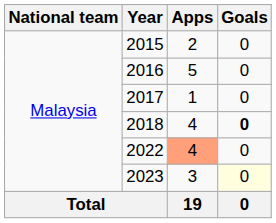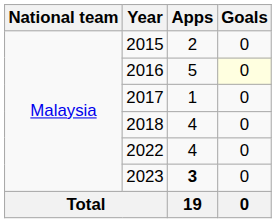 <table class=wikitable style="text-align: center;">
 <tr>
 <th>National team</th>
 <th>Year</th>
 <th>Apps</th>
 <th>Goals</th>
 </tr>
 <tr>
 <td rowspan=6><a href='#'>Malaysia</a></td>
 <td>2015</td>
 <td>2</td>
 <td>0</td>
 </tr>
 <tr>
 <td>2016</td>
 <td>5</td>
-<td>0</td>
+<td style="background: lightyellow;">0</td>
 </tr>
 <tr>
 <td>2017</td>
 <td>1</td>
 <td>0</td>
 </tr>
 <tr>
 <td>2018</td>
 <td>4</td>
-<td><strong>0</strong></td>
+<td>0</td>
 </tr>
 <tr>
 <td>2022</td>
-<td style="background: lightsalmon;">4</td>
+<td>4</td>
 <td>0</td>
 </tr>
 <tr>
 <td>2023</td>
-<td>3</td>
-<td style="background: lightyellow;">0</td>
+<td><strong>3</strong></td>
+<td>0</td>
 </tr>
 <tr>
 <th colspan=2>Total</th>
 <th>19</th>
 <th>0</th>
 </tr>
 </table>
